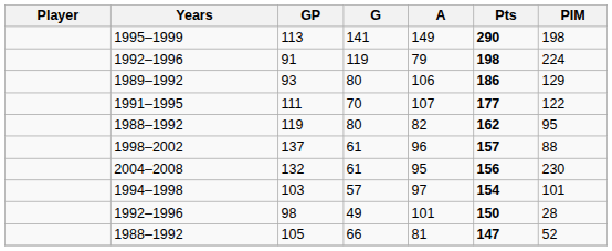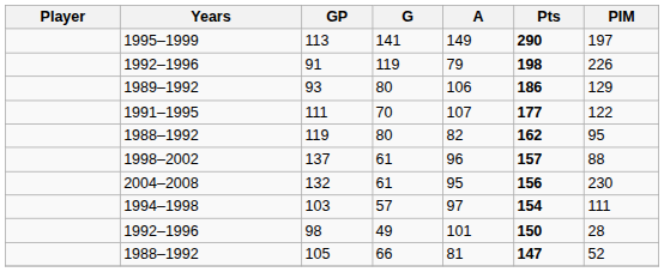 <table class="wikitable sortable" width ="700" cellpadding="1" border="1" cellspacing="0">
 <tr>
 <th>Player</th>
 <th>Years</th>
 <th>GP</th>
 <th>G</th>
 <th>A</th>
 <th>Pts</th>
 <th>PIM</th>
 </tr>
 <tr>
 <td></td>
 <td>1995–1999</td>
 <td>113</td>
 <td>141</td>
 <td>149</td>
 <td><strong>290</strong></td>
-<td>198</td>
+<td>197</td>
 </tr>
 <tr>
 <td></td>
 <td>1992–1996</td>
 <td>91</td>
 <td>119</td>
 <td>79</td>
 <td><strong>198</strong></td>
-<td>224</td>
+<td>226</td>
 </tr>
 <tr>
 <td></td>
 <td>1989–1992</td>
 <td>93</td>
 <td>80</td>
 <td>106</td>
 <td><strong>186</strong></td>
 <td>129</td>
 </tr>
 <tr>
 <td></td>
 <td>1991–1995</td>
 <td>111</td>
 <td>70</td>
 <td>107</td>
 <td><strong>177</strong></td>
 <td>122</td>
 </tr>
 <tr>
 <td></td>
 <td>1988–1992</td>
 <td>119</td>
 <td>80</td>
 <td>82</td>
 <td><strong>162</strong></td>
 <td>95</td>
 </tr>
 <tr>
 <td></td>
 <td>1998–2002</td>
 <td>137</td>
 <td>61</td>
 <td>96</td>
 <td><strong>157</strong></td>
 <td>88</td>
 </tr>
 <tr>
 <td></td>
 <td>2004–2008</td>
 <td>132</td>
 <td>61</td>
 <td>95</td>
 <td><strong>156</strong></td>
 <td>230</td>
 </tr>
 <tr>
 <td></td>
 <td>1994–1998</td>
 <td>103</td>
 <td>57</td>
 <td>97</td>
 <td><strong>154</strong></td>
-<td>101</td>
+<td>111</td>
 </tr>
 <tr>
 <td></td>
 <td>1992–1996</td>
 <td>98</td>
 <td>49</td>
 <td>101</td>
 <td><strong>150</strong></td>
 <td>28</td>
 </tr>
 <tr>
 <td></td>
 <td>1988–1992</td>
 <td>105</td>
 <td>66</td>
 <td>81</td>
 <td><strong>147</strong></td>
 <td>52</td>
 </tr>
 <tr>
 </tr>
 </table>
